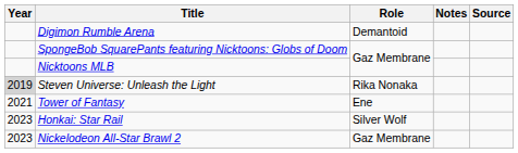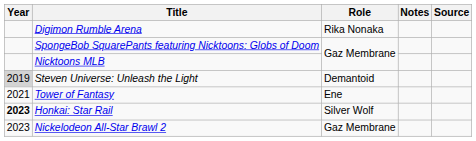 <table class="wikitable sortable plainrowheaders">
 <tr>
 <th>Year</th>
 <th>Title</th>
 <th>Role</th>
 <th class="unsortable">Notes</th>
 <th class="unsortable">Source</th>
 </tr>
 <tr>
 <td></td>
 <td><em><a href='#'>Digimon Rumble Arena</a></em></td>
-<td>Demantoid</td>
+<td>Rika Nonaka</td>
 <td></td>
 <td></td>
 </tr>
 <tr>
 <td></td>
 <td><em><a href='#'>SpongeBob SquarePants featuring Nicktoons: Globs of Doom</a></em></td>
 <td rowspan="2">Gaz Membrane</td>
 <td></td>
 <td></td>
 </tr>
 <tr>
 <td></td>
 <td><em><a href='#'>Nicktoons MLB</a></em></td>
 <td></td>
 <td></td>
 </tr>
 <tr>
 <td style="background: lightgrey;">2019</td>
 <td><em>Steven Universe: Unleash the Light</em></td>
-<td>Rika Nonaka</td>
+<td>Demantoid</td>
 <td></td>
 <td></td>
 </tr>
 <tr>
 <td>2021</td>
 <td><em><a href='#'>Tower of Fantasy</a></em></td>
 <td>Ene</td>
 <td></td>
 <td></td>
 </tr>
 <tr>
-<td>2023</td>
+<td><strong>2023</strong></td>
 <td><em><a href='#'>Honkai: Star Rail</a></em></td>
 <td>Silver Wolf</td>
 <td></td>
 <td></td>
 </tr>
 <tr>
 <td>2023</td>
 <td><em><a href='#'>Nickelodeon All-Star Brawl 2</a></em></td>
 <td>Gaz Membrane</td>
 <td></td>
 <td></td>
 </tr>
 </table>
